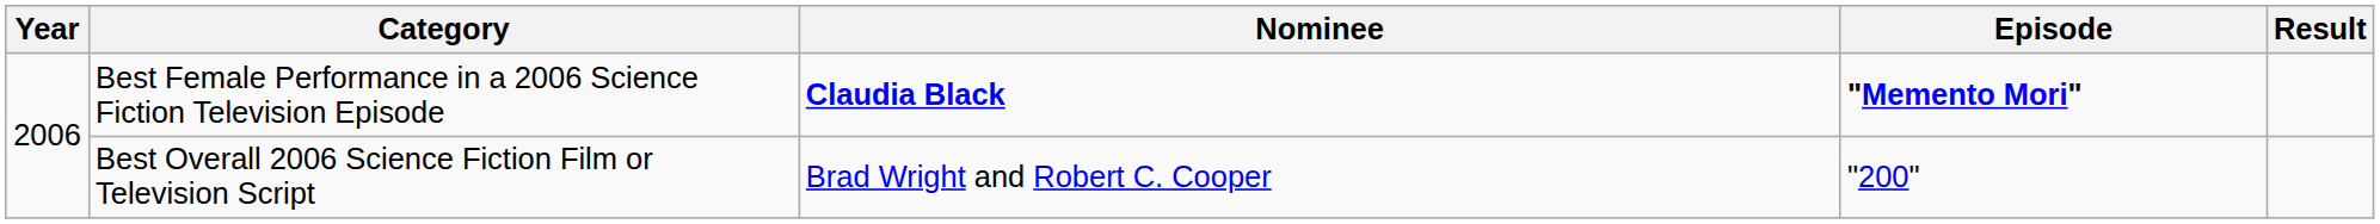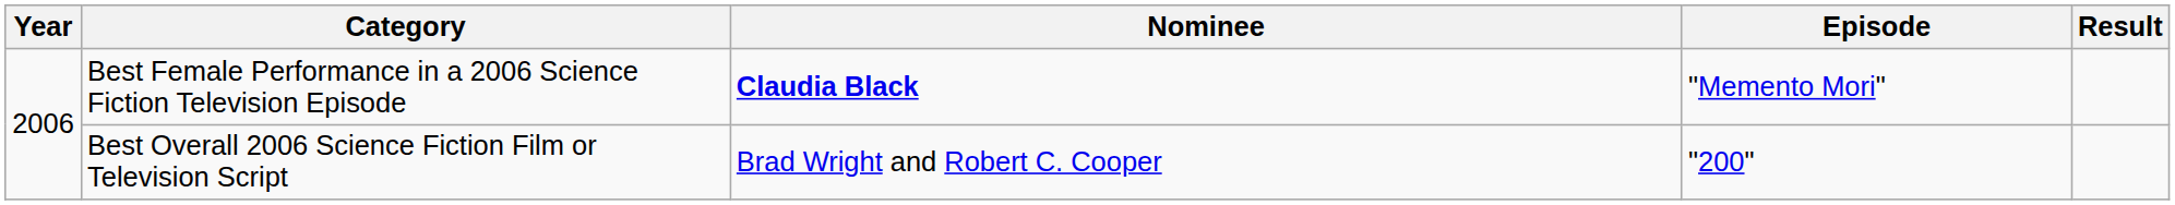 <table class="wikitable">
 <tr>
 <th width="3.5%">Year</th>
 <th width="30%">Category</th>
 <th>Nominee</th>
 <th width="18%">Episode</th>
 <th width="3.5%">Result</th>
 </tr>
 <tr>
 <td rowspan="2" align="center">2006</td>
 <td>Best Female Performance in a 2006 Science Fiction Television Episode</td>
 <td><strong><a href='#'>Claudia Black</a></strong></td>
-<td><strong>"<a href='#'>Memento Mori</a>"</strong></td>
+<td>"<a href='#'>Memento Mori</a>"</td>
 <td></td>
 </tr>
 <tr>
 <td>Best Overall 2006 Science Fiction Film or Television Script</td>
 <td><a href='#'>Brad Wright</a> and <a href='#'>Robert C. Cooper</a></td>
 <td>"<a href='#'>200</a>"</td>
 <td></td>
 </tr>
 </table>
